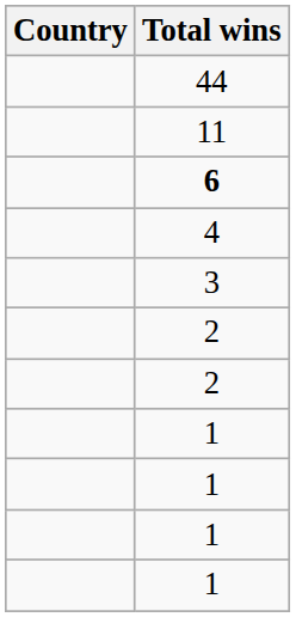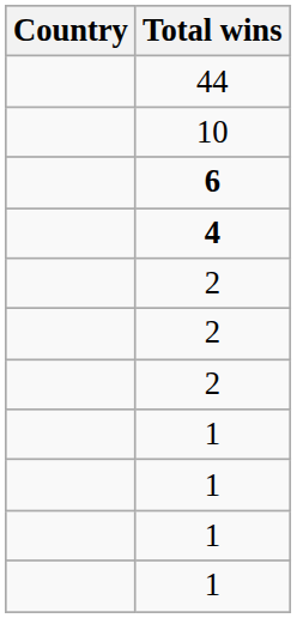 <table class="wikitable sortable" style="text-align:center">
 <tr>
 <th>Country</th>
 <th>Total wins</th>
 </tr>
 <tr>
 <td align=left></td>
 <td>44</td>
 </tr>
 <tr>
 <td align=left></td>
-<td>11</td>
+<td>10</td>
 </tr>
 <tr>
 <td align=left></td>
 <td><strong>6</strong></td>
 </tr>
 <tr>
 <td align=left></td>
-<td>4</td>
+<td><strong>4</strong></td>
 </tr>
 <tr>
 <td align=left></td>
-<td>3</td>
+<td>2</td>
 </tr>
 <tr>
 <td align=left></td>
 <td>2</td>
 </tr>
 <tr>
 <td align=left></td>
 <td>2</td>
 </tr>
 <tr>
 <td align=left></td>
 <td>1</td>
 </tr>
 <tr>
 <td align=left></td>
 <td>1</td>
 </tr>
 <tr>
 <td align=left></td>
 <td>1</td>
 </tr>
 <tr>
 <td align=left></td>
 <td>1</td>
 </tr>
 </table>
